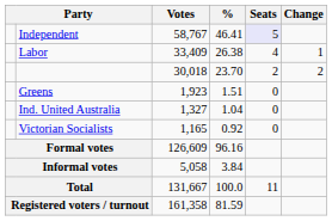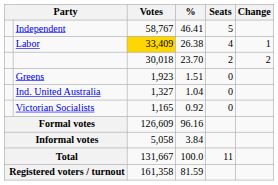 <table class="wikitable" style="text-align:right; margin-bottom:0">
 <tr>
 <th colspan="3" style="width:10px">Party</th>
 <th style="width:70px;">Votes</th>
 <th style="width:40px;">%</th>
 <th style="width:40px;">Seats</th>
 <th style="width:40px;">Change</th>
 </tr>
 <tr>
 <td> </td>
 <td colspan="2" style="text-align:left;"><a href='#'>Independent</a></td>
 <td style="width:70px;">58,767</td>
 <td style="width:40px;">46.41</td>
-<td style="background: lavender; width:40px;">5</td>
+<td style="width:40px;">5</td>
 <td style="width:40px;"></td>
 </tr>
 <tr>
 <td> </td>
 <td colspan="2" style="text-align:left;"><a href='#'>Labor</a></td>
-<td>33,409</td>
+<td style="background: gold;">33,409</td>
 <td>26.38</td>
 <td>4</td>
 <td> 1</td>
 </tr>
 <tr>
 <td> </td>
 <td colspan="2" style="text-align:left;"></td>
 <td>30,018</td>
 <td>23.70</td>
 <td>2</td>
 <td> 2</td>
 </tr>
 <tr>
 <td> </td>
 <td colspan="2" style="text-align:left;"><a href='#'>Greens</a></td>
 <td>1,923</td>
 <td>1.51</td>
 <td>0</td>
 <td></td>
 </tr>
 <tr>
 <td> </td>
 <td colspan="2" style="text-align:left;"><a href='#'>Ind. United Australia</a></td>
 <td>1,327</td>
 <td>1.04</td>
 <td>0</td>
 <td></td>
 </tr>
 <tr>
 <td> </td>
 <td colspan="2" style="text-align:left;"><a href='#'>Victorian Socialists</a></td>
 <td>1,165</td>
 <td>0.92</td>
 <td>0</td>
 <td></td>
 </tr>
 <tr>
 <th colspan="3" rowspan="1"> Formal votes</th>
 <td>126,609</td>
 <td>96.16</td>
 <td></td>
 <td></td>
 </tr>
 <tr>
 <th colspan="3" rowspan="1"> Informal votes</th>
 <td>5,058</td>
 <td>3.84</td>
 <td></td>
 <td></td>
 </tr>
 <tr>
 <th colspan="3" rowspan="1"> Total</th>
 <td>131,667</td>
 <td>100.0</td>
 <td>11</td>
 <td></td>
 </tr>
 <tr>
 <th colspan="3" rowspan="1"> Registered voters / turnout</th>
 <td>161,358</td>
 <td>81.59</td>
 <td></td>
 <td></td>
 </tr>
 </table>
